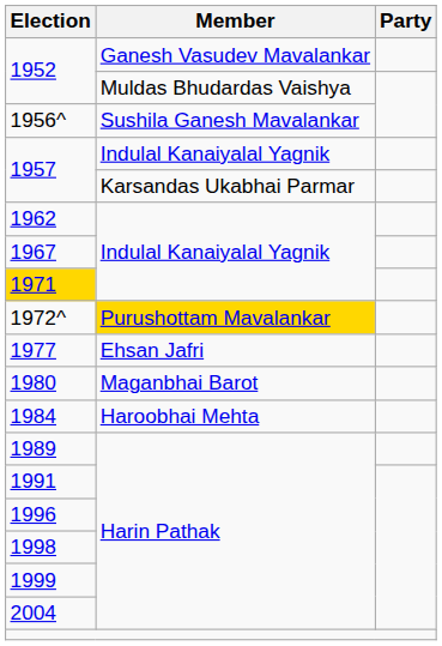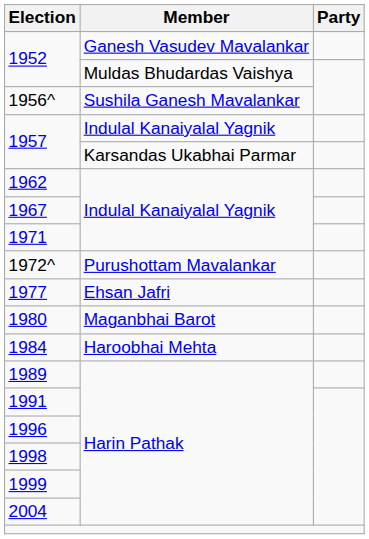 <table class="wikitable sortable">
 <tr>
 <th>Election</th>
 <th>Member</th>
 <th colspan=2>Party</th>
 </tr>
 <tr>
 <td rowspan=2><a href='#'>1952</a></td>
 <td><a href='#'>Ganesh Vasudev Mavalankar</a></td>
 <td></td>
 </tr>
 <tr>
 <td>Muldas Bhudardas Vaishya</td>
 </tr>
 <tr>
 <td>1956^</td>
 <td><a href='#'>Sushila Ganesh Mavalankar</a></td>
 </tr>
 <tr>
 <td rowspan=2><a href='#'>1957</a></td>
 <td><a href='#'>Indulal Kanaiyalal Yagnik</a></td>
 <td></td>
 </tr>
 <tr>
 <td>Karsandas Ukabhai Parmar</td>
 <td></td>
 </tr>
 <tr>
 <td><a href='#'>1962</a></td>
 <td rowspan=3><a href='#'>Indulal Kanaiyalal Yagnik</a></td>
 <td></td>
 </tr>
 <tr>
 <td><a href='#'>1967</a></td>
 <td></td>
 </tr>
 <tr>
-<td style="background: gold;"><a href='#'>1971</a></td>
+<td><a href='#'>1971</a></td>
 <td></td>
 </tr>
 <tr>
 <td>1972^</td>
-<td style="background: gold;"><a href='#'>Purushottam Mavalankar</a></td>
+<td><a href='#'>Purushottam Mavalankar</a></td>
 <td></td>
 </tr>
 <tr>
 <td><a href='#'>1977</a></td>
 <td><a href='#'>Ehsan Jafri</a></td>
 <td></td>
 </tr>
 <tr>
 <td><a href='#'>1980</a></td>
 <td><a href='#'>Maganbhai Barot</a></td>
 <td></td>
 </tr>
 <tr>
 <td><a href='#'>1984</a></td>
 <td><a href='#'>Haroobhai Mehta</a></td>
 <td></td>
 </tr>
 <tr>
 <td><a href='#'>1989</a></td>
 <td rowspan=6><a href='#'>Harin Pathak</a></td>
 <td></td>
 </tr>
 <tr>
 <td><a href='#'>1991</a></td>
 </tr>
 <tr>
 <td><a href='#'>1996</a></td>
 </tr>
 <tr>
 <td><a href='#'>1998</a></td>
 </tr>
 <tr>
 <td><a href='#'>1999</a></td>
 </tr>
 <tr>
 <td><a href='#'>2004</a></td>
 </tr>
 <tr>
 <td colspan="4"></td>
 </tr>
 </table>
